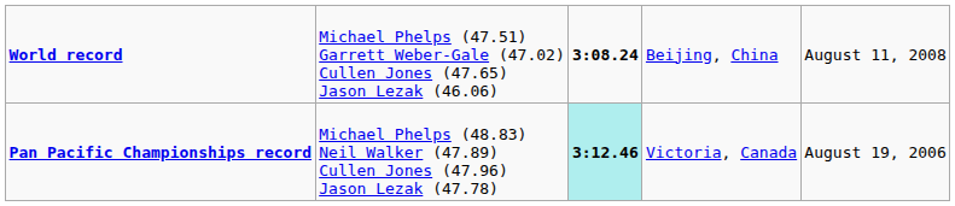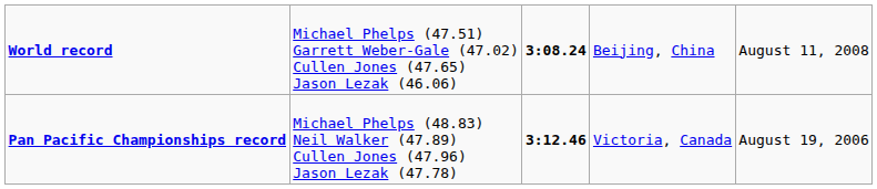 <table class="wikitable">
 <tr>
 <td><strong><a href='#'>World record</a></strong></td>
 <td><br><a href='#'>Michael Phelps</a> (47.51)<br><a href='#'>Garrett Weber-Gale</a> (47.02)<br><a href='#'>Cullen Jones</a> (47.65)<br><a href='#'>Jason Lezak</a> (46.06)</td>
 <td><strong>3:08.24</strong></td>
 <td><a href='#'>Beijing</a>, <a href='#'>China</a></td>
 <td>August 11, 2008</td>
 </tr>
 <tr>
 <td><strong><a href='#'>Pan Pacific Championships record</a></strong></td>
 <td><br><a href='#'>Michael Phelps</a> (48.83)<br><a href='#'>Neil Walker</a> (47.89)<br><a href='#'>Cullen Jones</a> (47.96)<br><a href='#'>Jason Lezak</a> (47.78)</td>
-<td style="background: paleturquoise;"><strong>3:12.46</strong></td>
+<td><strong>3:12.46</strong></td>
 <td><a href='#'>Victoria</a>, <a href='#'>Canada</a></td>
 <td>August 19, 2006</td>
 </tr>
 </table>
